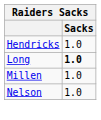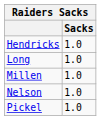 <table class="wikitable">
 <tr>
 <th colspan="2">Raiders Sacks</th>
 </tr>
 <tr>
 <th></th>
 <th>Sacks</th>
 </tr>
 <tr>
 <td><a href='#'>Hendricks</a></td>
 <td>1.0</td>
 </tr>
 <tr>
 <td><a href='#'>Long</a></td>
-<td><strong>1.0</strong></td>
+<td>1.0</td>
 </tr>
 <tr>
 <td><a href='#'>Millen</a></td>
 <td>1.0</td>
 </tr>
 <tr>
 <td><a href='#'>Nelson</a></td>
 <td>1.0</td>
 </tr>
+<tr>
+<td><a href='#'>Pickel</a></td>
+<td>1.0</td>
+</tr>
 </table>
